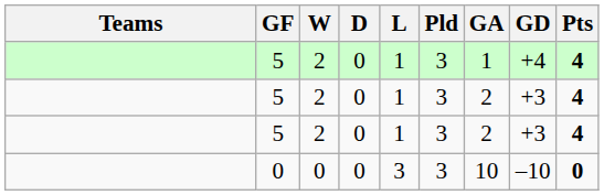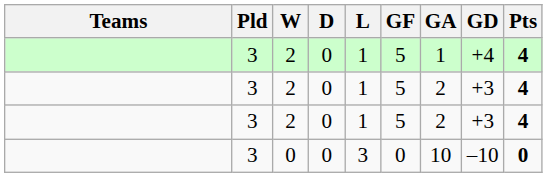 <table class="wikitable" style="text-align: center;">
 <tr>
 <th width=165>Teams</th>
-<th width=20>GF</th>
+<th width=20>Pld</th>
 <th width=20>W</th>
 <th width=20>D</th>
 <th width=20>L</th>
-<th width=20>Pld</th>
+<th width=20>GF</th>
 <th width=20>GA</th>
 <th width=25>GD</th>
 <th width=20>Pts</th>
 </tr>
 <tr align=center style="background:#ccffcc;">
 <td style="text-align:left;"></td>
-<td>5</td>
+<td>3</td>
 <td>2</td>
 <td>0</td>
 <td>1</td>
-<td>3</td>
+<td>5</td>
 <td>1</td>
 <td>+4</td>
 <td><strong>4</strong></td>
 </tr>
 <tr align=center>
 <td style="text-align:left;"></td>
-<td>5</td>
+<td>3</td>
 <td>2</td>
 <td>0</td>
 <td>1</td>
-<td>3</td>
+<td>5</td>
 <td>2</td>
 <td>+3</td>
 <td><strong>4</strong></td>
 </tr>
 <tr align=center>
 <td style="text-align:left;"></td>
-<td>5</td>
+<td>3</td>
 <td>2</td>
 <td>0</td>
 <td>1</td>
-<td>3</td>
+<td>5</td>
 <td>2</td>
 <td>+3</td>
 <td><strong>4</strong></td>
 </tr>
 <tr align=center>
 <td style="text-align:left;"></td>
-<td>0</td>
+<td>3</td>
 <td>0</td>
 <td>0</td>
 <td>3</td>
-<td>3</td>
+<td>0</td>
 <td>10</td>
 <td>–10</td>
 <td><strong>0</strong></td>
 </tr>
 </table>
